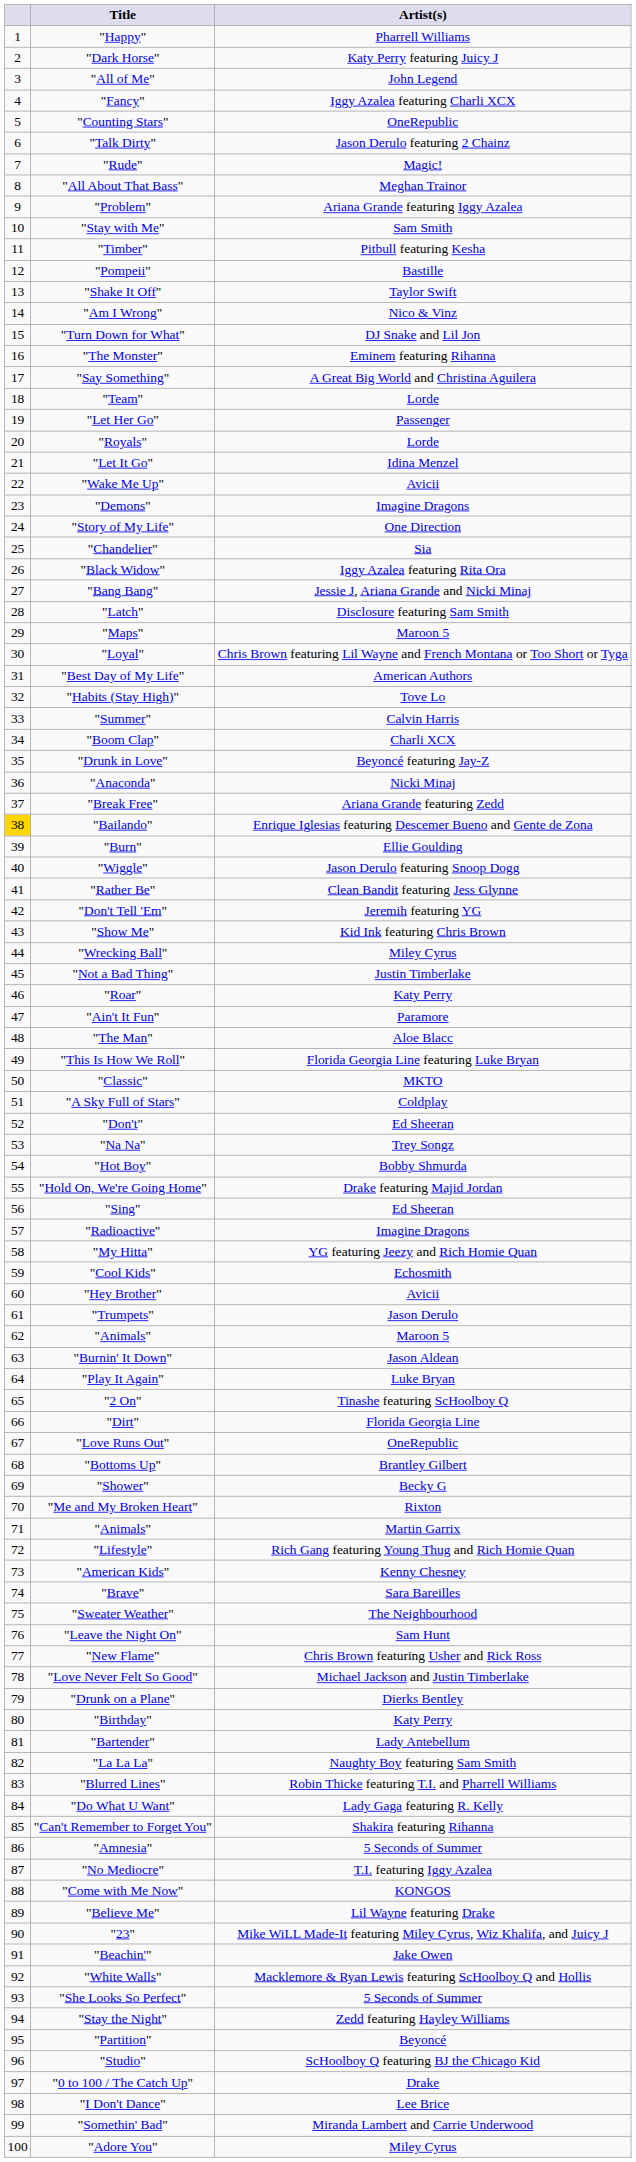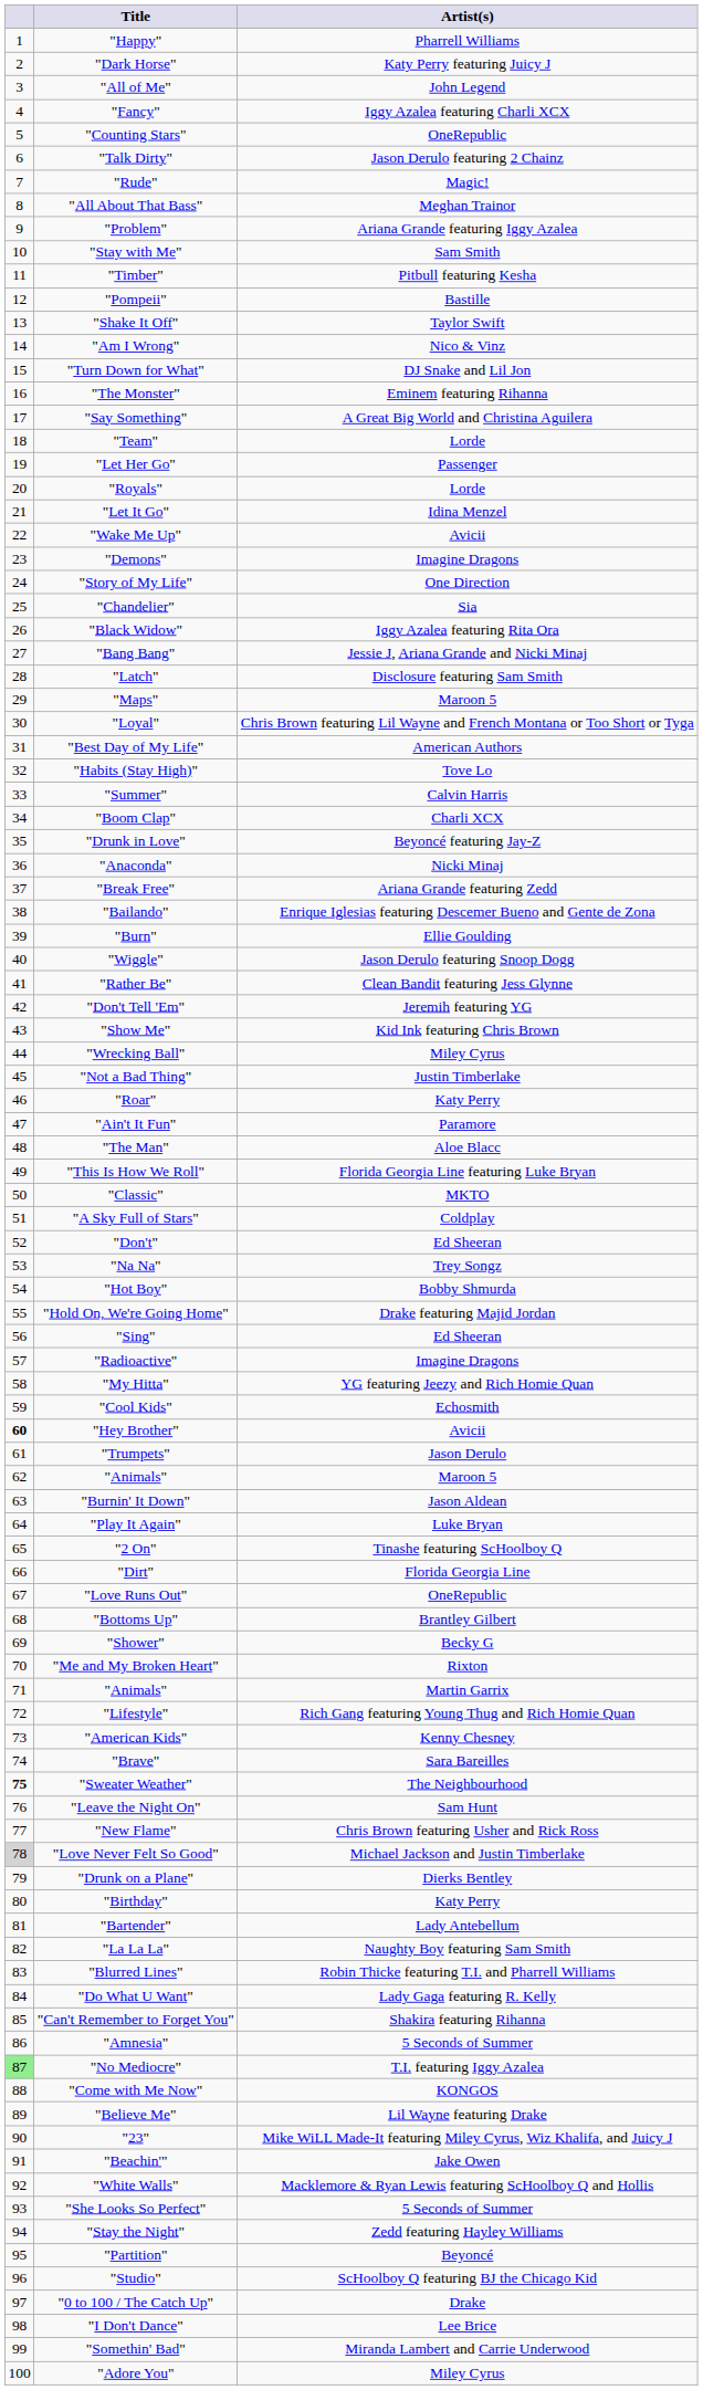 <table class="wikitable sortable" style="text-align: center">
 <tr>
 <th scope="col" style="background:#dde;"></th>
 <th scope="col" style="background:#dde;">Title</th>
 <th scope="col" style="background:#dde;">Artist(s)</th>
 </tr>
 <tr>
 <td>1</td>
 <td>"<a href='#'>Happy</a>"</td>
 <td><a href='#'>Pharrell Williams</a></td>
 </tr>
 <tr>
 <td>2</td>
 <td>"<a href='#'>Dark Horse</a>"</td>
 <td><a href='#'>Katy Perry</a> featuring <a href='#'>Juicy J</a></td>
 </tr>
 <tr>
 <td>3</td>
 <td>"<a href='#'>All of Me</a>"</td>
 <td><a href='#'>John Legend</a></td>
 </tr>
 <tr>
 <td>4</td>
 <td>"<a href='#'>Fancy</a>"</td>
 <td><a href='#'>Iggy Azalea</a> featuring <a href='#'>Charli XCX</a></td>
 </tr>
 <tr>
 <td>5</td>
 <td>"<a href='#'>Counting Stars</a>"</td>
 <td><a href='#'>OneRepublic</a></td>
 </tr>
 <tr>
 <td>6</td>
 <td>"<a href='#'>Talk Dirty</a>"</td>
 <td><a href='#'>Jason Derulo</a> featuring <a href='#'>2 Chainz</a></td>
 </tr>
 <tr>
 <td>7</td>
 <td>"<a href='#'>Rude</a>"</td>
 <td><a href='#'>Magic!</a></td>
 </tr>
 <tr>
 <td>8</td>
 <td>"<a href='#'>All About That Bass</a>"</td>
 <td><a href='#'>Meghan Trainor</a></td>
 </tr>
 <tr>
 <td>9</td>
 <td>"<a href='#'>Problem</a>"</td>
 <td><a href='#'>Ariana Grande</a> featuring <a href='#'>Iggy Azalea</a></td>
 </tr>
 <tr>
 <td>10</td>
 <td>"<a href='#'>Stay with Me</a>"</td>
 <td><a href='#'>Sam Smith</a></td>
 </tr>
 <tr>
 <td>11</td>
 <td>"<a href='#'>Timber</a>"</td>
 <td><a href='#'>Pitbull</a> featuring <a href='#'>Kesha</a></td>
 </tr>
 <tr>
 <td>12</td>
 <td>"<a href='#'>Pompeii</a>"</td>
 <td><a href='#'>Bastille</a></td>
 </tr>
 <tr>
 <td>13</td>
 <td>"<a href='#'>Shake It Off</a>"</td>
 <td><a href='#'>Taylor Swift</a></td>
 </tr>
 <tr>
 <td>14</td>
 <td>"<a href='#'>Am I Wrong</a>"</td>
 <td><a href='#'>Nico & Vinz</a></td>
 </tr>
 <tr>
 <td>15</td>
 <td>"<a href='#'>Turn Down for What</a>"</td>
 <td><a href='#'>DJ Snake</a> and <a href='#'>Lil Jon</a></td>
 </tr>
 <tr>
 <td>16</td>
 <td>"<a href='#'>The Monster</a>"</td>
 <td><a href='#'>Eminem</a> featuring <a href='#'>Rihanna</a></td>
 </tr>
 <tr>
 <td>17</td>
 <td>"<a href='#'>Say Something</a>"</td>
 <td><a href='#'>A Great Big World</a> and <a href='#'>Christina Aguilera</a></td>
 </tr>
 <tr>
 <td>18</td>
 <td>"<a href='#'>Team</a>"</td>
 <td><a href='#'>Lorde</a></td>
 </tr>
 <tr>
 <td>19</td>
 <td>"<a href='#'>Let Her Go</a>"</td>
 <td><a href='#'>Passenger</a></td>
 </tr>
 <tr>
 <td>20</td>
 <td>"<a href='#'>Royals</a>"</td>
 <td><a href='#'>Lorde</a></td>
 </tr>
 <tr>
 <td>21</td>
 <td>"<a href='#'>Let It Go</a>"</td>
 <td><a href='#'>Idina Menzel</a></td>
 </tr>
 <tr>
 <td>22</td>
 <td>"<a href='#'>Wake Me Up</a>"</td>
 <td><a href='#'>Avicii</a></td>
 </tr>
 <tr>
 <td>23</td>
 <td>"<a href='#'>Demons</a>"</td>
 <td><a href='#'>Imagine Dragons</a></td>
 </tr>
 <tr>
 <td>24</td>
 <td>"<a href='#'>Story of My Life</a>"</td>
 <td><a href='#'>One Direction</a></td>
 </tr>
 <tr>
 <td>25</td>
 <td>"<a href='#'>Chandelier</a>"</td>
 <td><a href='#'>Sia</a></td>
 </tr>
 <tr>
 <td>26</td>
 <td>"<a href='#'>Black Widow</a>"</td>
 <td><a href='#'>Iggy Azalea</a> featuring <a href='#'>Rita Ora</a></td>
 </tr>
 <tr>
 <td>27</td>
 <td>"<a href='#'>Bang Bang</a>"</td>
 <td><a href='#'>Jessie J</a>, <a href='#'>Ariana Grande</a> and <a href='#'>Nicki Minaj</a></td>
 </tr>
 <tr>
 <td>28</td>
 <td>"<a href='#'>Latch</a>"</td>
 <td><a href='#'>Disclosure</a> featuring <a href='#'>Sam Smith</a></td>
 </tr>
 <tr>
 <td>29</td>
 <td>"<a href='#'>Maps</a>"</td>
 <td><a href='#'>Maroon 5</a></td>
 </tr>
 <tr>
 <td>30</td>
 <td>"<a href='#'>Loyal</a>"</td>
 <td><a href='#'>Chris Brown</a> featuring <a href='#'>Lil Wayne</a> and <a href='#'>French Montana</a> or <a href='#'>Too Short</a> or <a href='#'>Tyga</a></td>
 </tr>
 <tr>
 <td>31</td>
 <td>"<a href='#'>Best Day of My Life</a>"</td>
 <td><a href='#'>American Authors</a></td>
 </tr>
 <tr>
 <td>32</td>
 <td>"<a href='#'>Habits (Stay High)</a>"</td>
 <td><a href='#'>Tove Lo</a></td>
 </tr>
 <tr>
 <td>33</td>
 <td>"<a href='#'>Summer</a>"</td>
 <td><a href='#'>Calvin Harris</a></td>
 </tr>
 <tr>
 <td>34</td>
 <td>"<a href='#'>Boom Clap</a>"</td>
 <td><a href='#'>Charli XCX</a></td>
 </tr>
 <tr>
 <td>35</td>
 <td>"<a href='#'>Drunk in Love</a>"</td>
 <td><a href='#'>Beyoncé</a> featuring <a href='#'>Jay-Z</a></td>
 </tr>
 <tr>
 <td>36</td>
 <td>"<a href='#'>Anaconda</a>"</td>
 <td><a href='#'>Nicki Minaj</a></td>
 </tr>
 <tr>
 <td>37</td>
 <td>"<a href='#'>Break Free</a>"</td>
 <td><a href='#'>Ariana Grande</a> featuring <a href='#'>Zedd</a></td>
 </tr>
 <tr>
-<td style="background: gold;">38</td>
+<td>38</td>
 <td>"<a href='#'>Bailando</a>"</td>
 <td><a href='#'>Enrique Iglesias</a> featuring <a href='#'>Descemer Bueno</a> and <a href='#'>Gente de Zona</a></td>
 </tr>
 <tr>
 <td>39</td>
 <td>"<a href='#'>Burn</a>"</td>
 <td><a href='#'>Ellie Goulding</a></td>
 </tr>
 <tr>
 <td>40</td>
 <td>"<a href='#'>Wiggle</a>"</td>
 <td><a href='#'>Jason Derulo</a> featuring <a href='#'>Snoop Dogg</a></td>
 </tr>
 <tr>
 <td>41</td>
 <td>"<a href='#'>Rather Be</a>"</td>
 <td><a href='#'>Clean Bandit</a> featuring <a href='#'>Jess Glynne</a></td>
 </tr>
 <tr>
 <td>42</td>
 <td>"<a href='#'>Don't Tell 'Em</a>"</td>
 <td><a href='#'>Jeremih</a> featuring <a href='#'>YG</a></td>
 </tr>
 <tr>
 <td>43</td>
 <td>"<a href='#'>Show Me</a>"</td>
 <td><a href='#'>Kid Ink</a> featuring <a href='#'>Chris Brown</a></td>
 </tr>
 <tr>
 <td>44</td>
 <td>"<a href='#'>Wrecking Ball</a>"</td>
 <td><a href='#'>Miley Cyrus</a></td>
 </tr>
 <tr>
 <td>45</td>
 <td>"<a href='#'>Not a Bad Thing</a>"</td>
 <td><a href='#'>Justin Timberlake</a></td>
 </tr>
 <tr>
 <td>46</td>
 <td>"<a href='#'>Roar</a>"</td>
 <td><a href='#'>Katy Perry</a></td>
 </tr>
 <tr>
 <td>47</td>
 <td>"<a href='#'>Ain't It Fun</a>"</td>
 <td><a href='#'>Paramore</a></td>
 </tr>
 <tr>
 <td>48</td>
 <td>"<a href='#'>The Man</a>"</td>
 <td><a href='#'>Aloe Blacc</a></td>
 </tr>
 <tr>
 <td>49</td>
 <td>"<a href='#'>This Is How We Roll</a>"</td>
 <td><a href='#'>Florida Georgia Line</a> featuring <a href='#'>Luke Bryan</a></td>
 </tr>
 <tr>
 <td>50</td>
 <td>"<a href='#'>Classic</a>"</td>
 <td><a href='#'>MKTO</a></td>
 </tr>
 <tr>
 <td>51</td>
 <td>"<a href='#'>A Sky Full of Stars</a>"</td>
 <td><a href='#'>Coldplay</a></td>
 </tr>
 <tr>
 <td>52</td>
 <td>"<a href='#'>Don't</a>"</td>
 <td><a href='#'>Ed Sheeran</a></td>
 </tr>
 <tr>
 <td>53</td>
 <td>"<a href='#'>Na Na</a>"</td>
 <td><a href='#'>Trey Songz</a></td>
 </tr>
 <tr>
 <td>54</td>
 <td>"<a href='#'>Hot Boy</a>"</td>
 <td><a href='#'>Bobby Shmurda</a></td>
 </tr>
 <tr>
 <td>55</td>
 <td>"<a href='#'>Hold On, We're Going Home</a>"</td>
 <td><a href='#'>Drake</a> featuring <a href='#'>Majid Jordan</a></td>
 </tr>
 <tr>
 <td>56</td>
 <td>"<a href='#'>Sing</a>"</td>
 <td><a href='#'>Ed Sheeran</a></td>
 </tr>
 <tr>
 <td>57</td>
 <td>"<a href='#'>Radioactive</a>"</td>
 <td><a href='#'>Imagine Dragons</a></td>
 </tr>
 <tr>
 <td>58</td>
 <td>"<a href='#'>My Hitta</a>"</td>
 <td><a href='#'>YG</a> featuring <a href='#'>Jeezy</a> and <a href='#'>Rich Homie Quan</a></td>
 </tr>
 <tr>
 <td>59</td>
 <td>"<a href='#'>Cool Kids</a>"</td>
 <td><a href='#'>Echosmith</a></td>
 </tr>
 <tr>
-<td>60</td>
+<td><strong>60</strong></td>
 <td>"<a href='#'>Hey Brother</a>"</td>
 <td><a href='#'>Avicii</a></td>
 </tr>
 <tr>
 <td>61</td>
 <td>"<a href='#'>Trumpets</a>"</td>
 <td><a href='#'>Jason Derulo</a></td>
 </tr>
 <tr>
 <td>62</td>
 <td>"<a href='#'>Animals</a>"</td>
 <td><a href='#'>Maroon 5</a></td>
 </tr>
 <tr>
 <td>63</td>
 <td>"<a href='#'>Burnin' It Down</a>"</td>
 <td><a href='#'>Jason Aldean</a></td>
 </tr>
 <tr>
 <td>64</td>
 <td>"<a href='#'>Play It Again</a>"</td>
 <td><a href='#'>Luke Bryan</a></td>
 </tr>
 <tr>
 <td>65</td>
 <td>"<a href='#'>2 On</a>"</td>
 <td><a href='#'>Tinashe</a> featuring <a href='#'>ScHoolboy Q</a></td>
 </tr>
 <tr>
 <td>66</td>
 <td>"<a href='#'>Dirt</a>"</td>
 <td><a href='#'>Florida Georgia Line</a></td>
 </tr>
 <tr>
 <td>67</td>
 <td>"<a href='#'>Love Runs Out</a>"</td>
 <td><a href='#'>OneRepublic</a></td>
 </tr>
 <tr>
 <td>68</td>
 <td>"<a href='#'>Bottoms Up</a>"</td>
 <td><a href='#'>Brantley Gilbert</a></td>
 </tr>
 <tr>
 <td>69</td>
 <td>"<a href='#'>Shower</a>"</td>
 <td><a href='#'>Becky G</a></td>
 </tr>
 <tr>
 <td>70</td>
 <td>"<a href='#'>Me and My Broken Heart</a>"</td>
 <td><a href='#'>Rixton</a></td>
 </tr>
 <tr>
 <td>71</td>
 <td>"<a href='#'>Animals</a>"</td>
 <td><a href='#'>Martin Garrix</a></td>
 </tr>
 <tr>
 <td>72</td>
 <td>"<a href='#'>Lifestyle</a>"</td>
 <td><a href='#'>Rich Gang</a> featuring <a href='#'>Young Thug</a> and <a href='#'>Rich Homie Quan</a></td>
 </tr>
 <tr>
 <td>73</td>
 <td>"<a href='#'>American Kids</a>"</td>
 <td><a href='#'>Kenny Chesney</a></td>
 </tr>
 <tr>
 <td>74</td>
 <td>"<a href='#'>Brave</a>"</td>
 <td><a href='#'>Sara Bareilles</a></td>
 </tr>
 <tr>
-<td>75</td>
+<td><strong>75</strong></td>
 <td>"<a href='#'>Sweater Weather</a>"</td>
 <td><a href='#'>The Neighbourhood</a></td>
 </tr>
 <tr>
 <td>76</td>
 <td>"<a href='#'>Leave the Night On</a>"</td>
 <td><a href='#'>Sam Hunt</a></td>
 </tr>
 <tr>
 <td>77</td>
 <td>"<a href='#'>New Flame</a>"</td>
 <td><a href='#'>Chris Brown</a> featuring <a href='#'>Usher</a> and <a href='#'>Rick Ross</a></td>
 </tr>
 <tr>
-<td>78</td>
+<td style="background: lightgrey;">78</td>
 <td>"<a href='#'>Love Never Felt So Good</a>"</td>
 <td><a href='#'>Michael Jackson</a> and <a href='#'>Justin Timberlake</a></td>
 </tr>
 <tr>
 <td>79</td>
 <td>"<a href='#'>Drunk on a Plane</a>"</td>
 <td><a href='#'>Dierks Bentley</a></td>
 </tr>
 <tr>
 <td>80</td>
 <td>"<a href='#'>Birthday</a>"</td>
 <td><a href='#'>Katy Perry</a></td>
 </tr>
 <tr>
 <td>81</td>
 <td>"<a href='#'>Bartender</a>"</td>
 <td><a href='#'>Lady Antebellum</a></td>
 </tr>
 <tr>
 <td>82</td>
 <td>"<a href='#'>La La La</a>"</td>
 <td><a href='#'>Naughty Boy</a> featuring <a href='#'>Sam Smith</a></td>
 </tr>
 <tr>
 <td>83</td>
 <td>"<a href='#'>Blurred Lines</a>"</td>
 <td><a href='#'>Robin Thicke</a> featuring <a href='#'>T.I.</a> and <a href='#'>Pharrell Williams</a></td>
 </tr>
 <tr>
 <td>84</td>
 <td>"<a href='#'>Do What U Want</a>"</td>
 <td><a href='#'>Lady Gaga</a> featuring <a href='#'>R. Kelly</a></td>
 </tr>
 <tr>
 <td>85</td>
 <td>"<a href='#'>Can't Remember to Forget You</a>"</td>
 <td><a href='#'>Shakira</a> featuring <a href='#'>Rihanna</a></td>
 </tr>
 <tr>
 <td>86</td>
 <td>"<a href='#'>Amnesia</a>"</td>
 <td><a href='#'>5 Seconds of Summer</a></td>
 </tr>
 <tr>
-<td>87</td>
+<td style="background: lightgreen;">87</td>
 <td>"<a href='#'>No Mediocre</a>"</td>
 <td><a href='#'>T.I.</a> featuring <a href='#'>Iggy Azalea</a></td>
 </tr>
 <tr>
 <td>88</td>
 <td>"<a href='#'>Come with Me Now</a>"</td>
 <td><a href='#'>KONGOS</a></td>
 </tr>
 <tr>
 <td>89</td>
 <td>"<a href='#'>Believe Me</a>"</td>
 <td><a href='#'>Lil Wayne</a> featuring <a href='#'>Drake</a></td>
 </tr>
 <tr>
 <td>90</td>
 <td>"<a href='#'>23</a>"</td>
 <td><a href='#'>Mike WiLL Made-It</a> featuring <a href='#'>Miley Cyrus</a>, <a href='#'>Wiz Khalifa</a>, and <a href='#'>Juicy J</a></td>
 </tr>
 <tr>
 <td>91</td>
 <td>"<a href='#'>Beachin'</a>"</td>
 <td><a href='#'>Jake Owen</a></td>
 </tr>
 <tr>
 <td>92</td>
 <td>"<a href='#'>White Walls</a>"</td>
 <td><a href='#'>Macklemore & Ryan Lewis</a> featuring <a href='#'>ScHoolboy Q</a> and <a href='#'>Hollis</a></td>
 </tr>
 <tr>
 <td>93</td>
 <td>"<a href='#'>She Looks So Perfect</a>"</td>
 <td><a href='#'>5 Seconds of Summer</a></td>
 </tr>
 <tr>
 <td>94</td>
 <td>"<a href='#'>Stay the Night</a>"</td>
 <td><a href='#'>Zedd</a> featuring <a href='#'>Hayley Williams</a></td>
 </tr>
 <tr>
 <td>95</td>
 <td>"<a href='#'>Partition</a>"</td>
 <td><a href='#'>Beyoncé</a></td>
 </tr>
 <tr>
 <td>96</td>
 <td>"<a href='#'>Studio</a>"</td>
 <td><a href='#'>ScHoolboy Q</a> featuring <a href='#'>BJ the Chicago Kid</a></td>
 </tr>
 <tr>
 <td>97</td>
 <td>"<a href='#'>0 to 100 / The Catch Up</a>"</td>
 <td><a href='#'>Drake</a></td>
 </tr>
 <tr>
 <td>98</td>
 <td>"<a href='#'>I Don't Dance</a>"</td>
 <td><a href='#'>Lee Brice</a></td>
 </tr>
 <tr>
 <td>99</td>
 <td>"<a href='#'>Somethin' Bad</a>"</td>
 <td><a href='#'>Miranda Lambert</a> and <a href='#'>Carrie Underwood</a></td>
 </tr>
 <tr>
 <td>100</td>
 <td>"<a href='#'>Adore You</a>"</td>
 <td><a href='#'>Miley Cyrus</a></td>
 </tr>
 </table>
